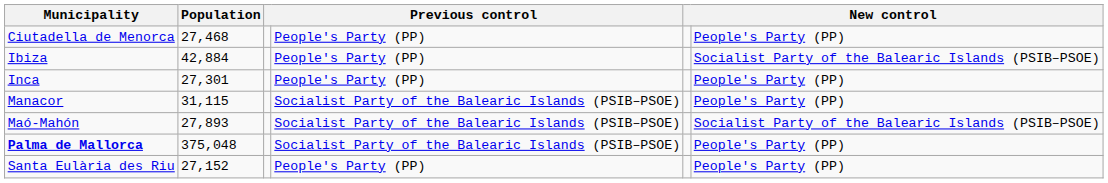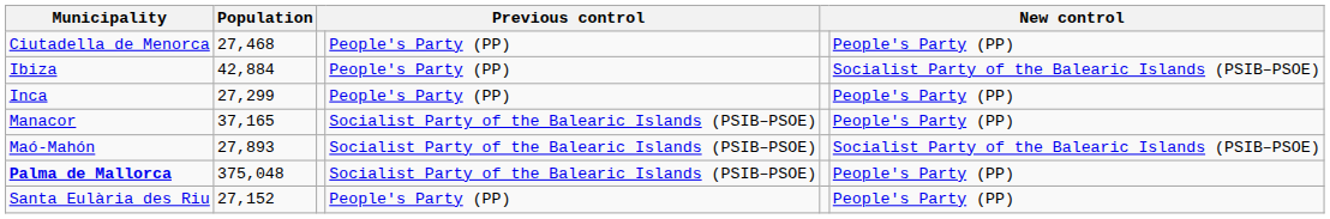 <table class="wikitable sortable">
 <tr>
 <th>Municipality</th>
 <th>Population</th>
 <th colspan="2" style="width:375px;">Previous control</th>
 <th colspan="2" style="width:375px;">New control</th>
 </tr>
 <tr>
 <td><a href='#'>Ciutadella de Menorca</a></td>
 <td>27,468</td>
 <td width="1" style="color:inherit;background:"></td>
 <td><a href='#'>People's Party</a> (PP)</td>
 <td width="1" style="color:inherit;background:"></td>
 <td><a href='#'>People's Party</a> (PP) </td>
 </tr>
 <tr>
 <td><a href='#'>Ibiza</a></td>
 <td>42,884</td>
 <td style="color:inherit;background:"></td>
 <td><a href='#'>People's Party</a> (PP)</td>
 <td style="color:inherit;background:"></td>
 <td><a href='#'>Socialist Party of the Balearic Islands</a> (PSIB–PSOE)</td>
 </tr>
 <tr>
 <td><a href='#'>Inca</a></td>
-<td>27,301</td>
+<td>27,299</td>
 <td style="color:inherit;background:"></td>
 <td><a href='#'>People's Party</a> (PP)</td>
 <td style="color:inherit;background:"></td>
 <td><a href='#'>People's Party</a> (PP)</td>
 </tr>
 <tr>
 <td><a href='#'>Manacor</a></td>
-<td>31,115</td>
+<td>37,165</td>
 <td style="color:inherit;background:"></td>
 <td><a href='#'>Socialist Party of the Balearic Islands</a> (PSIB–PSOE)</td>
 <td style="color:inherit;background:"></td>
 <td><a href='#'>People's Party</a> (PP)</td>
 </tr>
 <tr>
 <td><a href='#'>Maó-Mahón</a></td>
 <td>27,893</td>
 <td style="color:inherit;background:"></td>
 <td><a href='#'>Socialist Party of the Balearic Islands</a> (PSIB–PSOE)</td>
 <td style="color:inherit;background:"></td>
 <td><a href='#'>Socialist Party of the Balearic Islands</a> (PSIB–PSOE)</td>
 </tr>
 <tr>
 <td><strong><a href='#'>Palma de Mallorca</a></strong></td>
 <td>375,048</td>
 <td style="color:inherit;background:"></td>
 <td><a href='#'>Socialist Party of the Balearic Islands</a> (PSIB–PSOE)</td>
 <td style="color:inherit;background:"></td>
 <td><a href='#'>People's Party</a> (PP)</td>
 </tr>
 <tr>
 <td><a href='#'>Santa Eulària des Riu</a></td>
 <td>27,152</td>
 <td style="color:inherit;background:"></td>
 <td><a href='#'>People's Party</a> (PP)</td>
 <td style="color:inherit;background:"></td>
 <td><a href='#'>People's Party</a> (PP)</td>
 </tr>
 </table>
